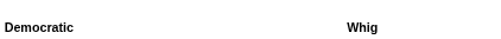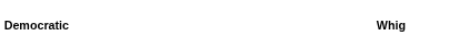 <table style="width:70%; text-align:center">
 <tr style="color:white">
 <td style="background:"><strong>142</strong></td>
+<td style="background:"><strong>6</strong></td>
 <td style="background:"><strong>79</strong></td>
-<td style="background:"><strong>6</strong></td>
 </tr>
 <tr>
 <td><span><strong>Democratic</strong></span></td>
+<td></td>
 <td><span><strong>Whig</strong></span></td>
-<td></td>
 </tr>
 </table>
